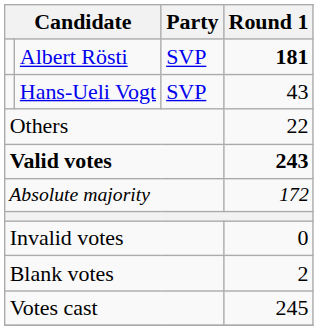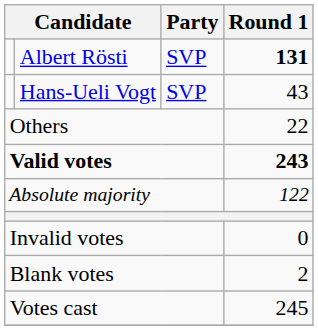 <table class="wikitable" style="text-align:right;">
 <tr>
 <th colspan=2>Candidate</th>
 <th>Party</th>
 <th>Round 1</th>
 </tr>
 <tr>
 <td style="background-color:"></td>
 <td style="text-align:left;"><a href='#'>Albert Rösti</a></td>
 <td style="text-align:left;"><a href='#'>SVP</a></td>
-<td><strong>181</strong></td>
+<td><strong>131</strong></td>
 </tr>
 <tr>
 <td style="background-color:"></td>
 <td style="text-align:left;"><a href='#'>Hans-Ueli Vogt</a></td>
 <td style="text-align:left;"><a href='#'>SVP</a></td>
 <td>43</td>
 </tr>
 <tr>
 <td colspan=3 style="text-align:left;">Others</td>
 <td>22</td>
 </tr>
 <tr style="font-weight:bold;">
 <td colspan=3 style="text-align:left;">Valid votes</td>
 <td>243</td>
 </tr>
 <tr style="font-style:italic; font-size:90%;">
 <td colspan=3 style="text-align:left;">Absolute majority</td>
-<td>172</td>
+<td>122</td>
 </tr>
 <tr>
 <th colspan=10></th>
 </tr>
 <tr>
 <td colspan=3 style="text-align:left;">Invalid votes</td>
 <td>0</td>
 </tr>
 <tr>
 <td colspan=3 style="text-align:left;">Blank votes</td>
 <td>2</td>
 </tr>
 <tr>
 <td colspan=3 style="text-align:left;">Votes cast</td>
 <td>245</td>
 </tr>
 <tr>
 </tr>
 </table>
